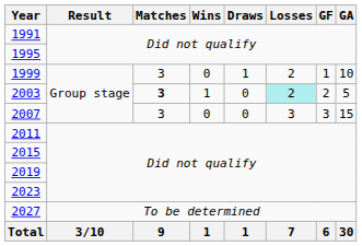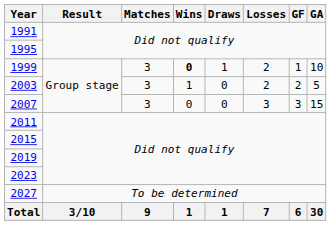 <table class="wikitable" style="text-align: center;">
 <tr>
 <th>Year</th>
 <th>Result</th>
 <th>Matches</th>
 <th>Wins</th>
 <th>Draws</th>
 <th>Losses</th>
 <th>GF</th>
 <th>GA</th>
 </tr>
 <tr>
 <td> <a href='#'>1991</a></td>
 <td colspan=8 rowspan=2><em>Did not qualify</em></td>
 </tr>
 <tr>
 <td> <a href='#'>1995</a></td>
 </tr>
 <tr>
 <td> <a href='#'>1999</a></td>
 <td rowspan=3>Group stage</td>
 <td>3</td>
-<td>0</td>
+<td><strong>0</strong></td>
 <td>1</td>
 <td>2</td>
 <td>1</td>
 <td>10</td>
 </tr>
 <tr>
 <td> <a href='#'>2003</a></td>
-<td><strong>3</strong></td>
+<td>3</td>
 <td>1</td>
 <td>0</td>
-<td style="background: paleturquoise;">2</td>
+<td>2</td>
 <td>2</td>
 <td>5</td>
 </tr>
 <tr>
 <td> <a href='#'>2007</a></td>
 <td>3</td>
 <td>0</td>
 <td>0</td>
 <td>3</td>
 <td>3</td>
 <td>15</td>
 </tr>
 <tr>
 <td> <a href='#'>2011</a></td>
 <td colspan=8 rowspan=4><em>Did not qualify</em></td>
 </tr>
 <tr>
 <td> <a href='#'>2015</a></td>
 </tr>
 <tr>
 <td> <a href='#'>2019</a></td>
 </tr>
 <tr>
 <td>  <a href='#'>2023</a></td>
 </tr>
 <tr>
 <td> <a href='#'>2027</a></td>
 <td colspan=8><em>To be determined</em></td>
 </tr>
 <tr>
 <th><strong>Total</strong></th>
 <th>3/10</th>
 <th>9</th>
 <th>1</th>
 <th>1</th>
 <th>7</th>
 <th>6</th>
 <th>30</th>
 </tr>
 </table>
